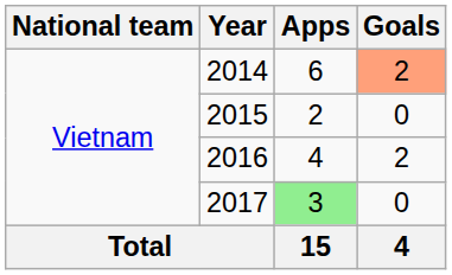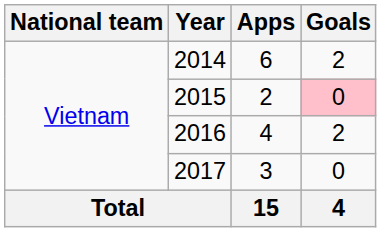 <table class=wikitable style="text-align: center">
 <tr>
 <th>National team</th>
 <th>Year</th>
 <th>Apps</th>
 <th>Goals</th>
 </tr>
 <tr>
 <td rowspan=4><a href='#'>Vietnam</a></td>
 <td>2014</td>
 <td>6</td>
-<td style="background: lightsalmon;">2</td>
+<td>2</td>
 </tr>
 <tr>
 <td>2015</td>
 <td>2</td>
-<td>0</td>
+<td style="background: pink;">0</td>
 </tr>
 <tr>
 <td>2016</td>
 <td>4</td>
 <td>2</td>
 </tr>
 <tr>
 <td>2017</td>
-<td style="background: lightgreen;">3</td>
+<td>3</td>
 <td>0</td>
 </tr>
 <tr>
 <th colspan=2>Total</th>
 <th>15</th>
 <th>4</th>
 </tr>
 </table>
